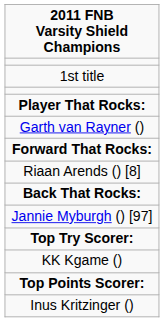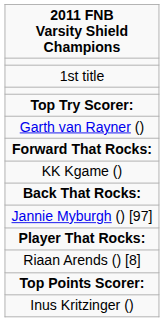 <table class="wikitable" style="text-align: center; margin: 0 auto; width: 20%">
 <tr>
 <td><strong>2011 FNB <br>Varsity Shield Champions<br></strong></td>
 </tr>
 <tr>
 <td><strong></strong></td>
 </tr>
 <tr>
 <td>1st title</td>
 </tr>
 <tr>
 <td></td>
 </tr>
 <tr>
-<td><strong>Player That Rocks:</strong></td>
+<td><strong>Top Try Scorer:</strong></td>
 </tr>
 <tr>
 <td><a href='#'>Garth van Rayner</a> ()</td>
 </tr>
 <tr>
 <td><strong>Forward That Rocks:</strong></td>
 </tr>
 <tr>
-<td>Riaan Arends () [8]</td>
+<td>KK Kgame ()</td>
 </tr>
 <tr>
 <td><strong>Back That Rocks:</strong></td>
 </tr>
 <tr>
 <td><a href='#'>Jannie Myburgh</a> () [97]</td>
 </tr>
 <tr>
-<td><strong>Top Try Scorer:</strong></td>
+<td><strong>Player That Rocks:</strong></td>
 </tr>
 <tr>
-<td>KK Kgame ()</td>
+<td>Riaan Arends () [8]</td>
 </tr>
 <tr>
 <td><strong>Top Points Scorer:</strong></td>
 </tr>
 <tr>
 <td>Inus Kritzinger ()</td>
 </tr>
 </table>
